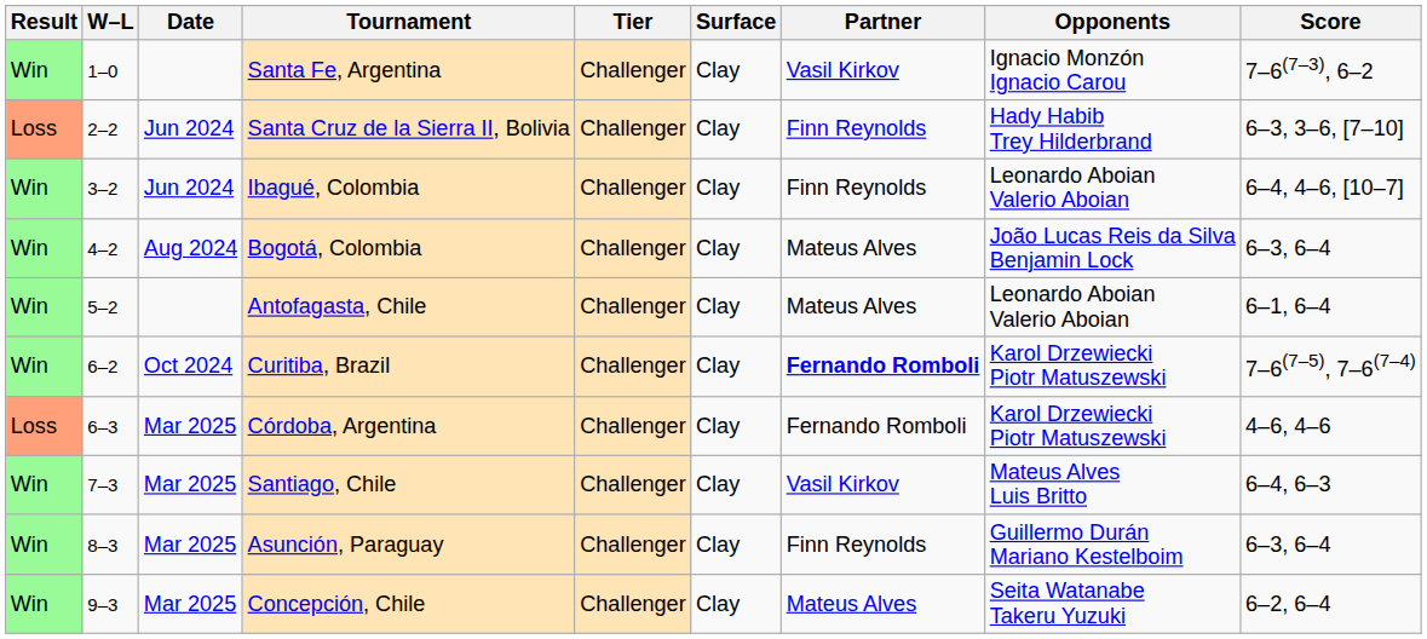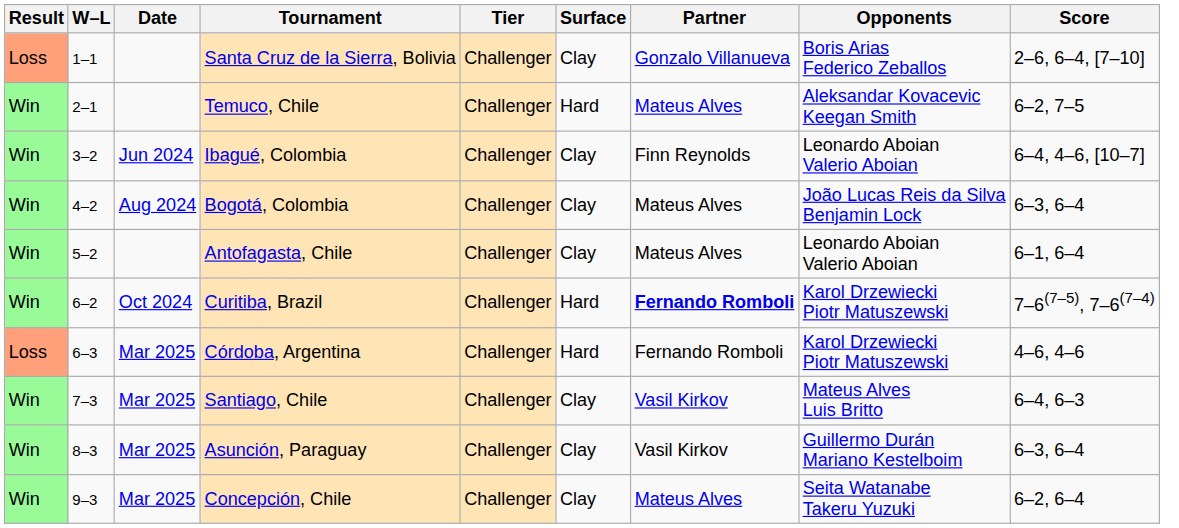 <table class="sortable wikitable">
 <tr>
 <th>Result</th>
 <th class="unsortable">W–L</th>
 <th>Date</th>
 <th>Tournament</th>
 <th>Tier</th>
 <th>Surface</th>
 <th>Partner</th>
 <th>Opponents</th>
 <th class="unsortable">Score</th>
 </tr>
 <tr>
-<td bgcolor=98fb98>Win</td>
-<td><small>1–0</small></td>
+<td bgcolor=ffa07a>Loss</td>
+<td><small>1–1</small></td>
 <td><a href='#'></a></td>
-<td style="background:moccasin;"><a href='#'>Santa Fe</a>, Argentina</td>
+<td style="background:moccasin;"><a href='#'>Santa Cruz de la Sierra</a>, Bolivia</td>
 <td style="background:moccasin;">Challenger</td>
 <td>Clay</td>
-<td> <a href='#'>Vasil Kirkov</a></td>
-<td> Ignacio Monzón<br> <a href='#'>Ignacio Carou</a></td>
-<td>7–6<sup>(7–3)</sup>, 6–2</td>
+<td> <a href='#'>Gonzalo Villanueva</a></td>
+<td> <a href='#'>Boris Arias</a><br> <a href='#'>Federico Zeballos</a></td>
+<td>2–6, 6–4, [7–10]</td>
 </tr>
 <tr>
-<td bgcolor=ffa07a>Loss</td>
-<td><small>2–2</small></td>
-<td><a href='#'>Jun 2024</a></td>
-<td style="background:moccasin"><a href='#'>Santa Cruz de la Sierra II</a>, Bolivia</td>
-<td style="background:moccasin">Challenger</td>
-<td>Clay</td>
-<td> <a href='#'>Finn Reynolds</a></td>
-<td> <a href='#'>Hady Habib</a> <br>  <a href='#'>Trey Hilderbrand</a></td>
-<td>6–3, 3–6, [7–10]</td>
+<td bgcolor=98fb98>Win</td>
+<td><small>2–1</small></td>
+<td><a href='#'></a></td>
+<td style="background:moccasin;"><a href='#'>Temuco</a>, Chile</td>
+<td style="background:moccasin;">Challenger</td>
+<td>Hard</td>
+<td> <a href='#'>Mateus Alves</a></td>
+<td> <a href='#'>Aleksandar Kovacevic</a><br> <a href='#'>Keegan Smith</a></td>
+<td>6–2, 7–5</td>
 </tr>
 <tr>
 <td bgcolor=98fb98>Win</td>
 <td><small>3–2</small></td>
 <td><a href='#'>Jun 2024</a></td>
 <td style="background:moccasin"><a href='#'>Ibagué</a>, Colombia</td>
 <td style="background:moccasin">Challenger</td>
 <td>Clay</td>
 <td> Finn Reynolds</td>
 <td> Leonardo Aboian <br>  <a href='#'>Valerio Aboian</a></td>
 <td>6–4, 4–6, [10–7]</td>
 </tr>
 <tr>
 <td bgcolor=98fb98>Win</td>
 <td><small>4–2</small></td>
 <td><a href='#'>Aug 2024</a></td>
 <td style="background:moccasin"><a href='#'>Bogotá</a>, Colombia</td>
 <td style="background:moccasin">Challenger</td>
 <td>Clay</td>
 <td> Mateus Alves</td>
 <td> <a href='#'>João Lucas Reis da Silva</a> <br>  <a href='#'>Benjamin Lock</a></td>
 <td>6–3, 6–4</td>
 </tr>
 <tr>
 <td bgcolor=98fb98>Win</td>
 <td><small>5–2</small></td>
 <td><a href='#'></a></td>
 <td style="background:moccasin;"><a href='#'>Antofagasta</a>, Chile</td>
 <td style="background:moccasin;">Challenger</td>
 <td>Clay</td>
 <td> Mateus Alves</td>
 <td> Leonardo Aboian <br>  Valerio Aboian</td>
 <td>6–1, 6–4</td>
 </tr>
 <tr>
 <td bgcolor=98fb98>Win</td>
 <td><small>6–2</small></td>
 <td><a href='#'>Oct 2024</a></td>
 <td style="background:moccasin"><a href='#'>Curitiba</a>, Brazil</td>
 <td style="background:moccasin">Challenger</td>
-<td>Clay</td>
+<td>Hard</td>
 <td><strong> <a href='#'>Fernando Romboli</a></strong></td>
 <td> <a href='#'>Karol Drzewiecki</a> <br>  <a href='#'>Piotr Matuszewski</a></td>
 <td>7–6<sup>(7–5)</sup>, 7–6<sup>(7–4)</sup></td>
 </tr>
 <tr>
 <td bgcolor=ffa07a>Loss</td>
 <td><small>6–3</small></td>
 <td><a href='#'>Mar 2025</a></td>
 <td style="background:moccasin"><a href='#'>Córdoba</a>, Argentina</td>
 <td style="background:moccasin">Challenger</td>
-<td>Clay</td>
+<td>Hard</td>
 <td> Fernando Romboli</td>
 <td> <a href='#'>Karol Drzewiecki</a> <br>  <a href='#'>Piotr Matuszewski</a></td>
 <td>4–6, 4–6</td>
 </tr>
 <tr>
 <td bgcolor=98fb98>Win</td>
 <td><small>7–3</small></td>
 <td><a href='#'>Mar 2025</a></td>
 <td style="background:moccasin"><a href='#'>Santiago</a>, Chile</td>
 <td style="background:moccasin">Challenger</td>
 <td>Clay</td>
 <td> <a href='#'>Vasil Kirkov</a></td>
 <td> <a href='#'>Mateus Alves</a> <br>  <a href='#'>Luis Britto</a></td>
 <td>6–4, 6–3</td>
 </tr>
 <tr>
 <td bgcolor=98fb98>Win</td>
 <td><small>8–3</small></td>
 <td><a href='#'>Mar 2025</a></td>
 <td style="background:moccasin"><a href='#'>Asunción</a>, Paraguay</td>
 <td style="background:moccasin">Challenger</td>
 <td>Clay</td>
-<td> Finn Reynolds</td>
+<td> Vasil Kirkov</td>
 <td> <a href='#'>Guillermo Durán</a> <br>  <a href='#'>Mariano Kestelboim</a></td>
 <td>6–3, 6–4</td>
 </tr>
 <tr>
 <td bgcolor=98fb98>Win</td>
 <td><small>9–3</small></td>
 <td><a href='#'>Mar 2025</a></td>
 <td style="background:moccasin"><a href='#'>Concepción</a>, Chile</td>
 <td style="background:moccasin">Challenger</td>
 <td>Clay</td>
 <td> <a href='#'>Mateus Alves</a></td>
 <td> <a href='#'>Seita Watanabe</a> <br>  <a href='#'>Takeru Yuzuki</a></td>
 <td>6–2, 6–4</td>
 </tr>
 </table>
